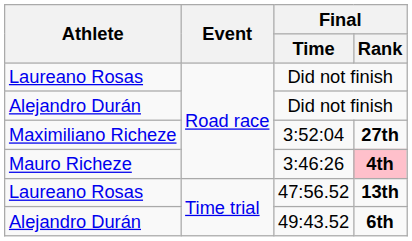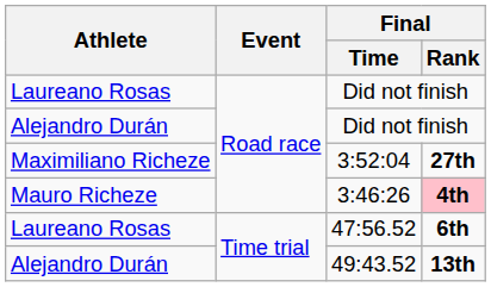 <table class="wikitable" border="1" style="font-size:90%">
 <tr>
 <th rowspan=2>Athlete</th>
 <th rowspan=2>Event</th>
 <th colspan=2>Final</th>
 </tr>
 <tr>
 <th>Time</th>
 <th>Rank</th>
 </tr>
 <tr>
 <td><a href='#'>Laureano Rosas</a></td>
 <td align=left rowspan=4><a href='#'>Road race</a></td>
 <td align=center colspan=2>Did not finish</td>
 </tr>
 <tr>
 <td><a href='#'>Alejandro Durán</a></td>
 <td align=center colspan=2>Did not finish</td>
 </tr>
 <tr>
 <td><a href='#'>Maximiliano Richeze</a></td>
 <td align=center>3:52:04</td>
 <td align=center><strong>27th</strong></td>
 </tr>
 <tr>
 <td><a href='#'>Mauro Richeze</a></td>
 <td align=center>3:46:26</td>
 <td align=center style="background: pink;"><strong>4th</strong></td>
 </tr>
 <tr>
 <td><a href='#'>Laureano Rosas</a></td>
 <td rowspan=2><a href='#'>Time trial</a></td>
 <td align=center>47:56.52</td>
-<td align=center><strong>13th</strong></td>
+<td align=center><strong>6th</strong></td>
 </tr>
 <tr>
 <td><a href='#'>Alejandro Durán</a></td>
 <td align=center>49:43.52</td>
-<td align=center><strong>6th</strong></td>
+<td align=center><strong>13th</strong></td>
 </tr>
 </table>
